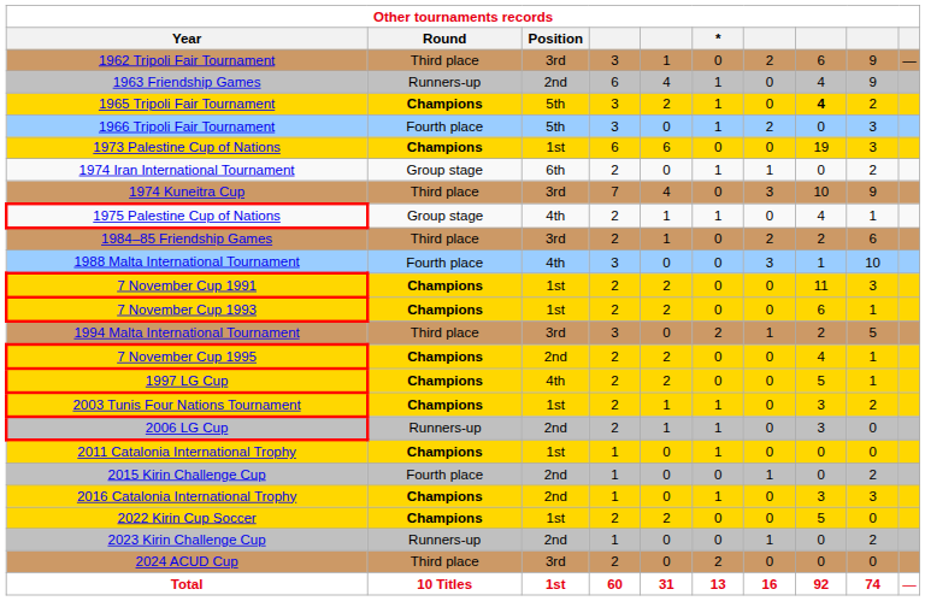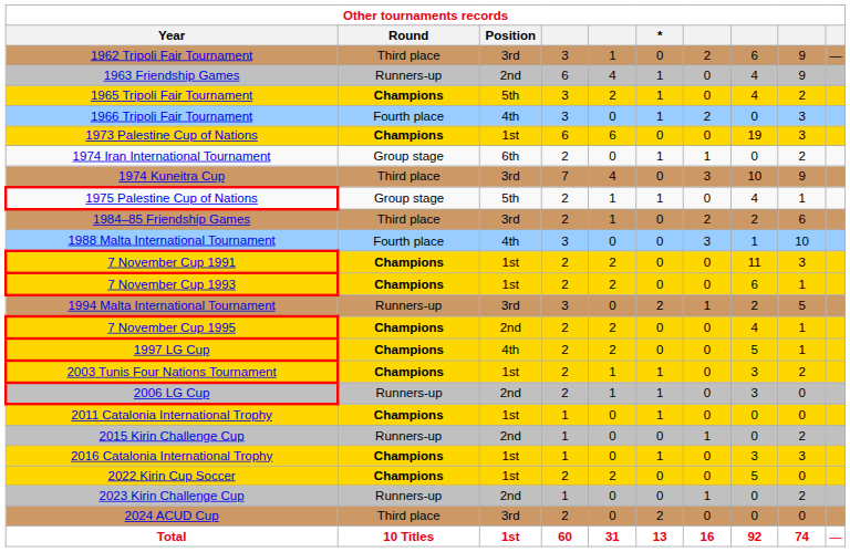 <table class="wikitable" style="font-size:90%; text-align:center;" width="60%">
 <tr>
 <th colspan="10" style="background:#FFFFFF; color:#E70013; ">Other tournaments records</th>
 </tr>
 <tr>
 <th width="35%">Year</th>
 <th width="15%">Round</th>
 <th width="5%">Position</th>
 <th width="5%"></th>
 <th width="5%"></th>
 <th width="5%">*</th>
 <th width="5%"></th>
 <th width="5%"></th>
 <th width="5%"></th>
 <th width="1%"></th>
 </tr>
 <tr style="background:#c96;">
 <td> <a href='#'>1962 Tripoli Fair Tournament</a></td>
 <td>Third place</td>
 <td>3rd</td>
 <td>3</td>
 <td>1</td>
 <td>0</td>
 <td>2</td>
 <td>6</td>
 <td>9</td>
 <td>—</td>
 </tr>
 <tr style="background:silver;">
 <td> <a href='#'>1963 Friendship Games</a></td>
 <td>Runners-up</td>
 <td>2nd</td>
 <td>6</td>
 <td>4</td>
 <td>1</td>
 <td>0</td>
 <td>4</td>
 <td>9</td>
 <td></td>
 </tr>
 <tr style="background:gold;">
 <td> <a href='#'>1965 Tripoli Fair Tournament</a></td>
 <td><strong>Champions</strong></td>
 <td>5th</td>
 <td>3</td>
 <td>2</td>
 <td>1</td>
 <td>0</td>
-<td><strong>4</strong></td>
+<td>4</td>
 <td>2</td>
 <td></td>
 </tr>
 <tr style="background:#9acdff;">
 <td> <a href='#'>1966 Tripoli Fair Tournament</a></td>
 <td>Fourth place</td>
-<td>5th</td>
+<td>4th</td>
 <td>3</td>
 <td>0</td>
 <td>1</td>
 <td>2</td>
 <td>0</td>
 <td>3</td>
 <td></td>
 </tr>
 <tr style="background:gold;">
 <td> <a href='#'>1973 Palestine Cup of Nations</a></td>
 <td><strong>Champions</strong></td>
 <td>1st</td>
 <td>6</td>
 <td>6</td>
 <td>0</td>
 <td>0</td>
 <td>19</td>
 <td>3</td>
 <td></td>
 </tr>
 <tr>
 <td> <a href='#'>1974 Iran International Tournament</a></td>
 <td>Group stage</td>
 <td>6th</td>
 <td>2</td>
 <td>0</td>
 <td>1</td>
 <td>1</td>
 <td>0</td>
 <td>2</td>
 <td></td>
 </tr>
 <tr style="background:#c96;">
 <td> <a href='#'>1974 Kuneitra Cup</a></td>
 <td>Third place</td>
 <td>3rd</td>
 <td>7</td>
 <td>4</td>
 <td>0</td>
 <td>3</td>
 <td>10</td>
 <td>9</td>
 <td></td>
 </tr>
 <tr>
 <td align="center" style="border:3px solid red;"> <a href='#'>1975 Palestine Cup of Nations</a></td>
 <td>Group stage</td>
-<td>4th</td>
+<td>5th</td>
 <td>2</td>
 <td>1</td>
 <td>1</td>
 <td>0</td>
 <td>4</td>
 <td>1</td>
 <td></td>
 </tr>
 <tr style="background:#c96;">
 <td> <a href='#'>1984–85 Friendship Games</a></td>
 <td>Third place</td>
 <td>3rd</td>
 <td>2</td>
 <td>1</td>
 <td>0</td>
 <td>2</td>
 <td>2</td>
 <td>6</td>
 <td></td>
 </tr>
 <tr style="background:#9acdff;">
 <td> <a href='#'>1988 Malta International Tournament</a></td>
 <td>Fourth place</td>
 <td>4th</td>
 <td>3</td>
 <td>0</td>
 <td>0</td>
 <td>3</td>
 <td>1</td>
 <td>10</td>
 <td></td>
 </tr>
 <tr style="background:gold;">
 <td align="center" style="border:3px solid red;"> <a href='#'>7 November Cup 1991</a></td>
 <td><strong>Champions</strong></td>
 <td>1st</td>
 <td>2</td>
 <td>2</td>
 <td>0</td>
 <td>0</td>
 <td>11</td>
 <td>3</td>
 <td></td>
 </tr>
 <tr style="background:gold;">
 <td align="center" style="border:3px solid red;"> <a href='#'>7 November Cup 1993</a></td>
 <td><strong>Champions</strong></td>
 <td>1st</td>
 <td>2</td>
 <td>2</td>
 <td>0</td>
 <td>0</td>
 <td>6</td>
 <td>1</td>
 <td></td>
 </tr>
 <tr style="background:#c96;">
 <td> <a href='#'>1994 Malta International Tournament</a></td>
-<td>Third place</td>
+<td>Runners-up</td>
 <td>3rd</td>
 <td>3</td>
 <td>0</td>
 <td>2</td>
 <td>1</td>
 <td>2</td>
 <td>5</td>
 <td></td>
 </tr>
 <tr style="background:gold;">
 <td align="center" style="border:3px solid red;"> <a href='#'>7 November Cup 1995</a></td>
 <td><strong>Champions</strong></td>
 <td>2nd</td>
 <td>2</td>
 <td>2</td>
 <td>0</td>
 <td>0</td>
 <td>4</td>
 <td>1</td>
 <td></td>
 </tr>
 <tr style="background:gold;">
 <td align="center" style="border:3px solid red;"> <a href='#'>1997 LG Cup</a></td>
 <td><strong>Champions</strong></td>
 <td>4th</td>
 <td>2</td>
 <td>2</td>
 <td>0</td>
 <td>0</td>
 <td>5</td>
 <td>1</td>
 <td></td>
 </tr>
 <tr style="background:gold;">
 <td align="center" style="border:3px solid red;"> <a href='#'>2003 Tunis Four Nations Tournament</a></td>
 <td><strong>Champions</strong></td>
 <td>1st</td>
 <td>2</td>
 <td>1</td>
 <td>1</td>
 <td>0</td>
 <td>3</td>
 <td>2</td>
 <td></td>
 </tr>
 <tr style="background:silver;">
 <td align="center" style="border:3px solid red;"> <a href='#'>2006 LG Cup</a></td>
 <td>Runners-up</td>
 <td>2nd</td>
 <td>2</td>
 <td>1</td>
 <td>1</td>
 <td>0</td>
 <td>3</td>
 <td>0</td>
 <td></td>
 </tr>
 <tr style="background:gold;">
 <td> <a href='#'>2011 Catalonia International Trophy</a></td>
 <td><strong>Champions</strong></td>
 <td>1st</td>
 <td>1</td>
 <td>0</td>
 <td>1</td>
 <td>0</td>
 <td>0</td>
 <td>0</td>
 <td></td>
 </tr>
 <tr style="background:silver;">
 <td> <a href='#'>2015 Kirin Challenge Cup</a></td>
-<td>Fourth place</td>
+<td>Runners-up</td>
 <td>2nd</td>
 <td>1</td>
 <td>0</td>
 <td>0</td>
 <td>1</td>
 <td>0</td>
 <td>2</td>
 <td></td>
 </tr>
 <tr style="background:gold;">
 <td> <a href='#'>2016 Catalonia International Trophy</a></td>
 <td><strong>Champions</strong></td>
-<td>2nd</td>
+<td>1st</td>
 <td>1</td>
 <td>0</td>
 <td>1</td>
 <td>0</td>
 <td>3</td>
 <td>3</td>
 <td></td>
 </tr>
 <tr style="background:gold;">
 <td> <a href='#'>2022 Kirin Cup Soccer</a></td>
 <td><strong>Champions</strong></td>
 <td>1st</td>
 <td>2</td>
 <td>2</td>
 <td>0</td>
 <td>0</td>
 <td>5</td>
 <td>0</td>
 <td></td>
 </tr>
 <tr style="background:silver;">
 <td> <a href='#'>2023 Kirin Challenge Cup</a></td>
 <td>Runners-up</td>
 <td>2nd</td>
 <td>1</td>
 <td>0</td>
 <td>0</td>
 <td>1</td>
 <td>0</td>
 <td>2</td>
 <td></td>
 </tr>
 <tr style="background:#c96;">
 <td> <a href='#'>2024 ACUD Cup</a></td>
 <td>Third place</td>
 <td>3rd</td>
 <td>2</td>
 <td>0</td>
 <td>2</td>
 <td>0</td>
 <td>0</td>
 <td>0</td>
 <td></td>
 </tr>
 <tr>
 <th style="background:#FFFFFF; color:#E70013; ">Total</th>
 <th style="background:#FFFFFF; color:#E70013; ">10 Titles</th>
 <th style="background:#FFFFFF; color:#E70013; ">1st</th>
 <th style="background:#FFFFFF; color:#E70013; ">60</th>
 <th style="background:#FFFFFF; color:#E70013; ">31</th>
 <th style="background:#FFFFFF; color:#E70013; ">13</th>
 <th style="background:#FFFFFF; color:#E70013; ">16</th>
 <th style="background:#FFFFFF; color:#E70013; ">92</th>
 <th style="background:#FFFFFF; color:#E70013; ">74</th>
 <td style="background:#FFFFFF; color:#E70013; ">—</td>
 </tr>
 </table>
